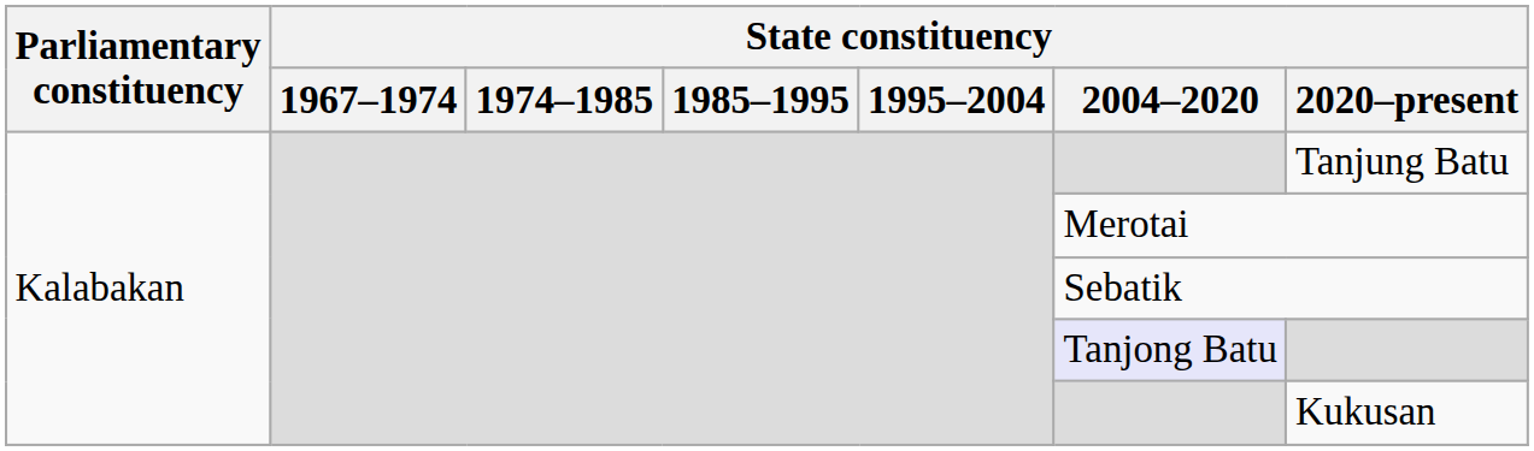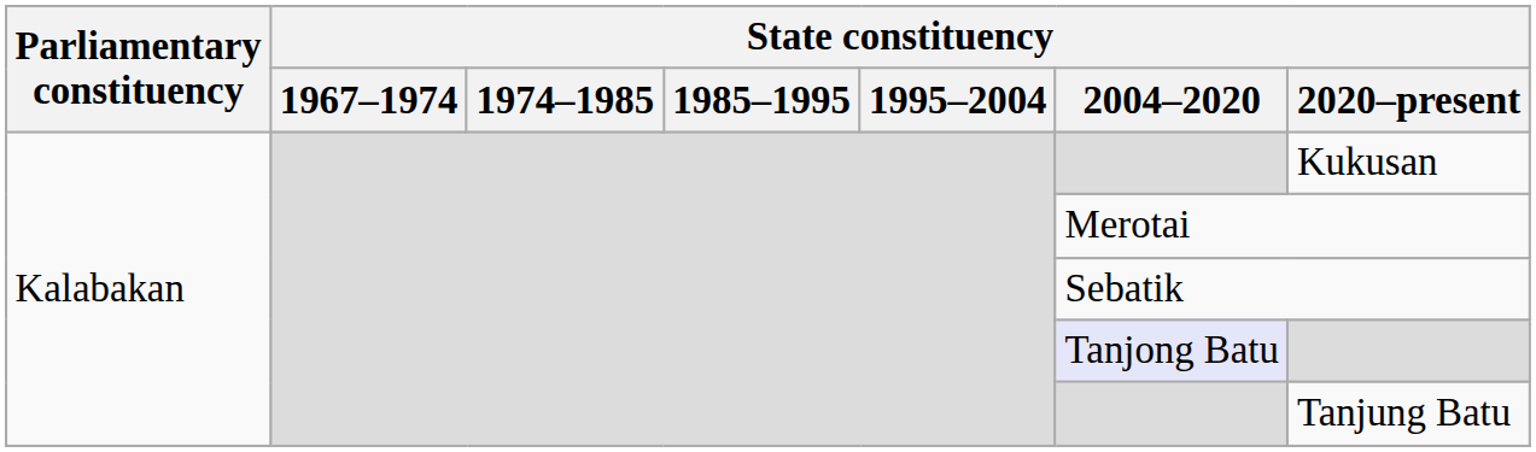 <table class=wikitable>
 <tr>
 <th rowspan=2>Parliamentary<br>constituency</th>
 <th colspan=6>State constituency</th>
 </tr>
 <tr>
 <th>1967–1974</th>
 <th>1974–1985</th>
 <th>1985–1995</th>
 <th>1995–2004</th>
 <th>2004–2020</th>
 <th>2020–present</th>
 </tr>
 <tr>
 <td rowspan="5">Kalabakan</td>
 <td colspan="4" rowspan="5" bgcolor=dcdcdc></td>
 <td bgcolor="dcdcdc"></td>
-<td>Tanjung Batu</td>
+<td>Kukusan</td>
 </tr>
 <tr>
 <td colspan="2">Merotai</td>
 </tr>
 <tr>
 <td colspan=2>Sebatik</td>
 </tr>
 <tr>
 <td style="background: lavender;">Tanjong Batu</td>
 <td rowspan=1 bgcolor=dcdcdc></td>
 </tr>
 <tr>
 <td rowspan=1 bgcolor=dcdcdc></td>
-<td>Kukusan</td>
+<td>Tanjung Batu</td>
 </tr>
 </table>
